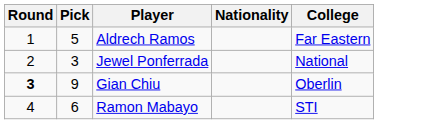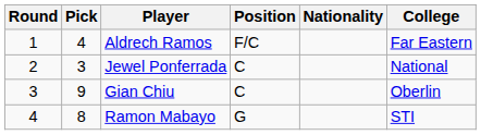 <table class="wikitable sortable sortable">
 <tr>
 <th>Round</th>
 <th>Pick</th>
 <th>Player</th>
+<th>Position</th>
 <th>Nationality</th>
 <th>College</th>
 </tr>
 <tr>
 <td align=center>1</td>
-<td align=center>5</td>
+<td align=center>4</td>
 <td><a href='#'>Aldrech Ramos</a></td>
+<td>F/C</td>
 <td></td>
 <td><a href='#'>Far Eastern</a></td>
 </tr>
 <tr>
 <td align=center>2</td>
 <td align=center>3</td>
 <td><a href='#'>Jewel Ponferrada</a></td>
+<td>C</td>
 <td></td>
 <td><a href='#'>National</a></td>
 </tr>
 <tr>
-<td align=center><strong>3</strong></td>
+<td align=center>3</td>
 <td align=center>9</td>
 <td><a href='#'>Gian Chiu</a></td>
+<td>C</td>
 <td></td>
 <td><a href='#'>Oberlin</a></td>
 </tr>
 <tr>
 <td align=center>4</td>
-<td align=center>6</td>
+<td align=center>8</td>
 <td><a href='#'>Ramon Mabayo</a></td>
+<td>G</td>
 <td></td>
 <td><a href='#'>STI</a></td>
 </tr>
 </table>
